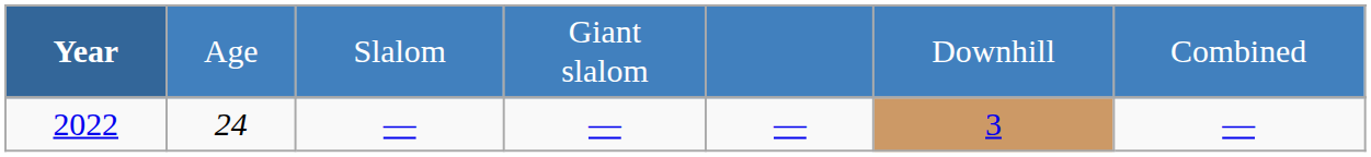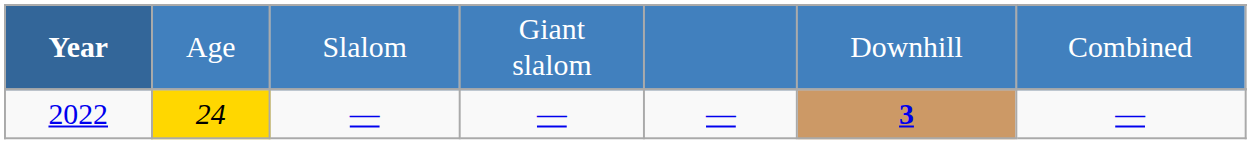 <table class="wikitable" style="font-size:95%; text-align:center; border:grey solid 1px; border-collapse:collapse;" width="40%">
 <tr style="background-color:#369; color:white;">
 <td rowspan="2" colspan="1" width="4%"><strong>Year</strong></td>
 </tr>
 <tr style="background-color:#4180be; color:white;">
 <td width="3%">Age</td>
 <td width="5%">Slalom</td>
 <td width="5%">Giant<br>slalom</td>
 <td width="5%"></td>
 <td width="5%">Downhill</td>
 <td width="5%">Combined</td>
 </tr>
 <tr style="background-color:#8CB2D8; color:white;">
 </tr>
 <tr>
 <td><a href='#'>2022</a></td>
-<td><em>24</em></td>
+<td style="background: gold;"><em>24</em></td>
 <td><a href='#'>—</a></td>
 <td><a href='#'>—</a></td>
 <td><a href='#'>—</a></td>
-<td style="background:#c96;"><a href='#'>3</a></td>
+<td style="background:#c96;"><strong><a href='#'>3</a></strong></td>
 <td><a href='#'>—</a></td>
 </tr>
 </table>
